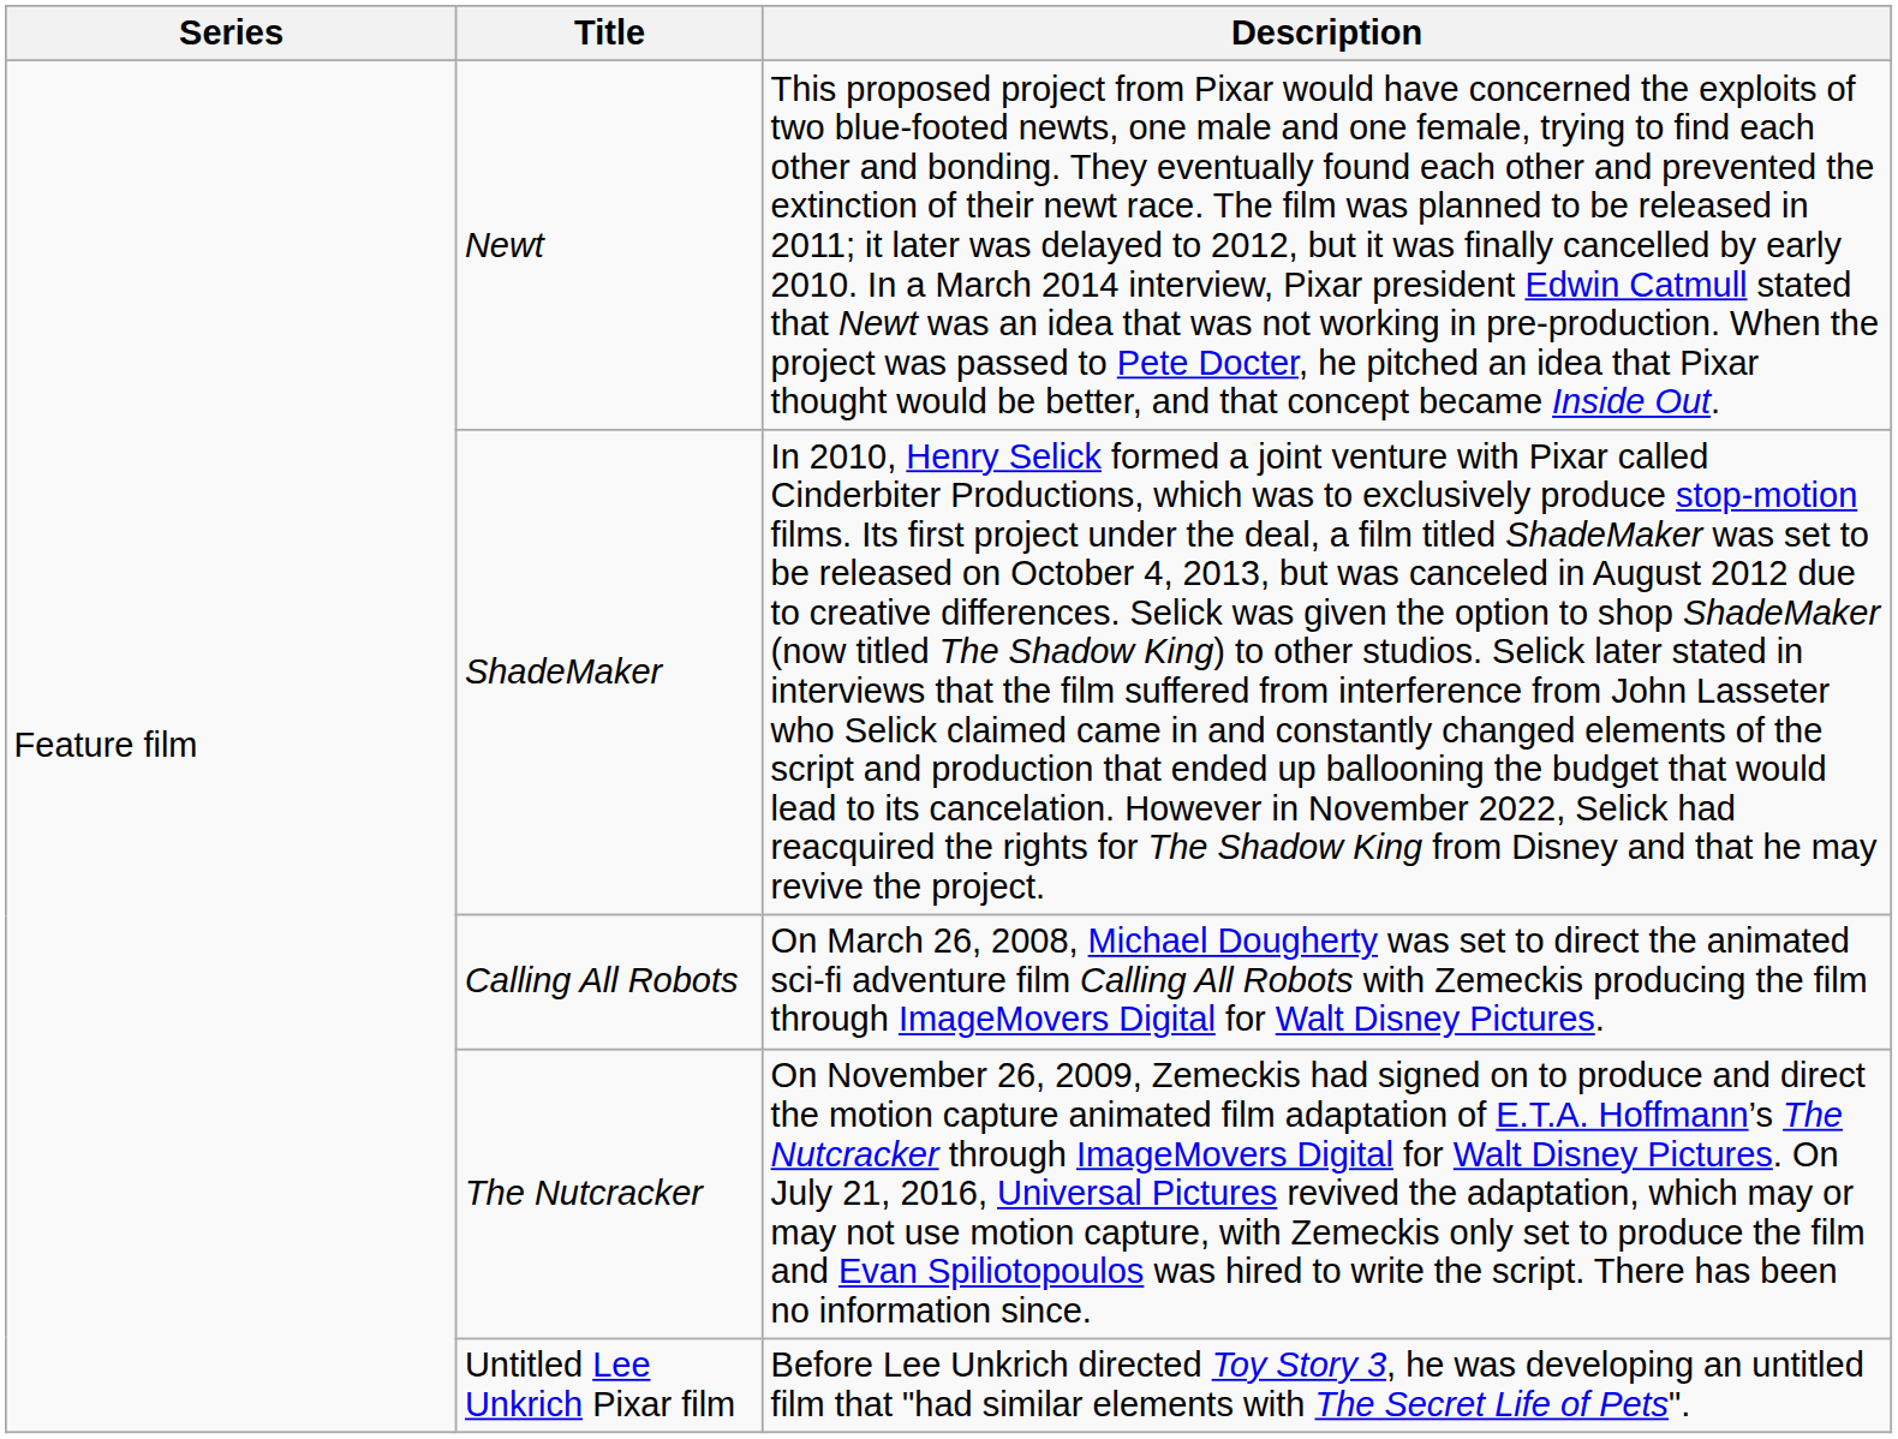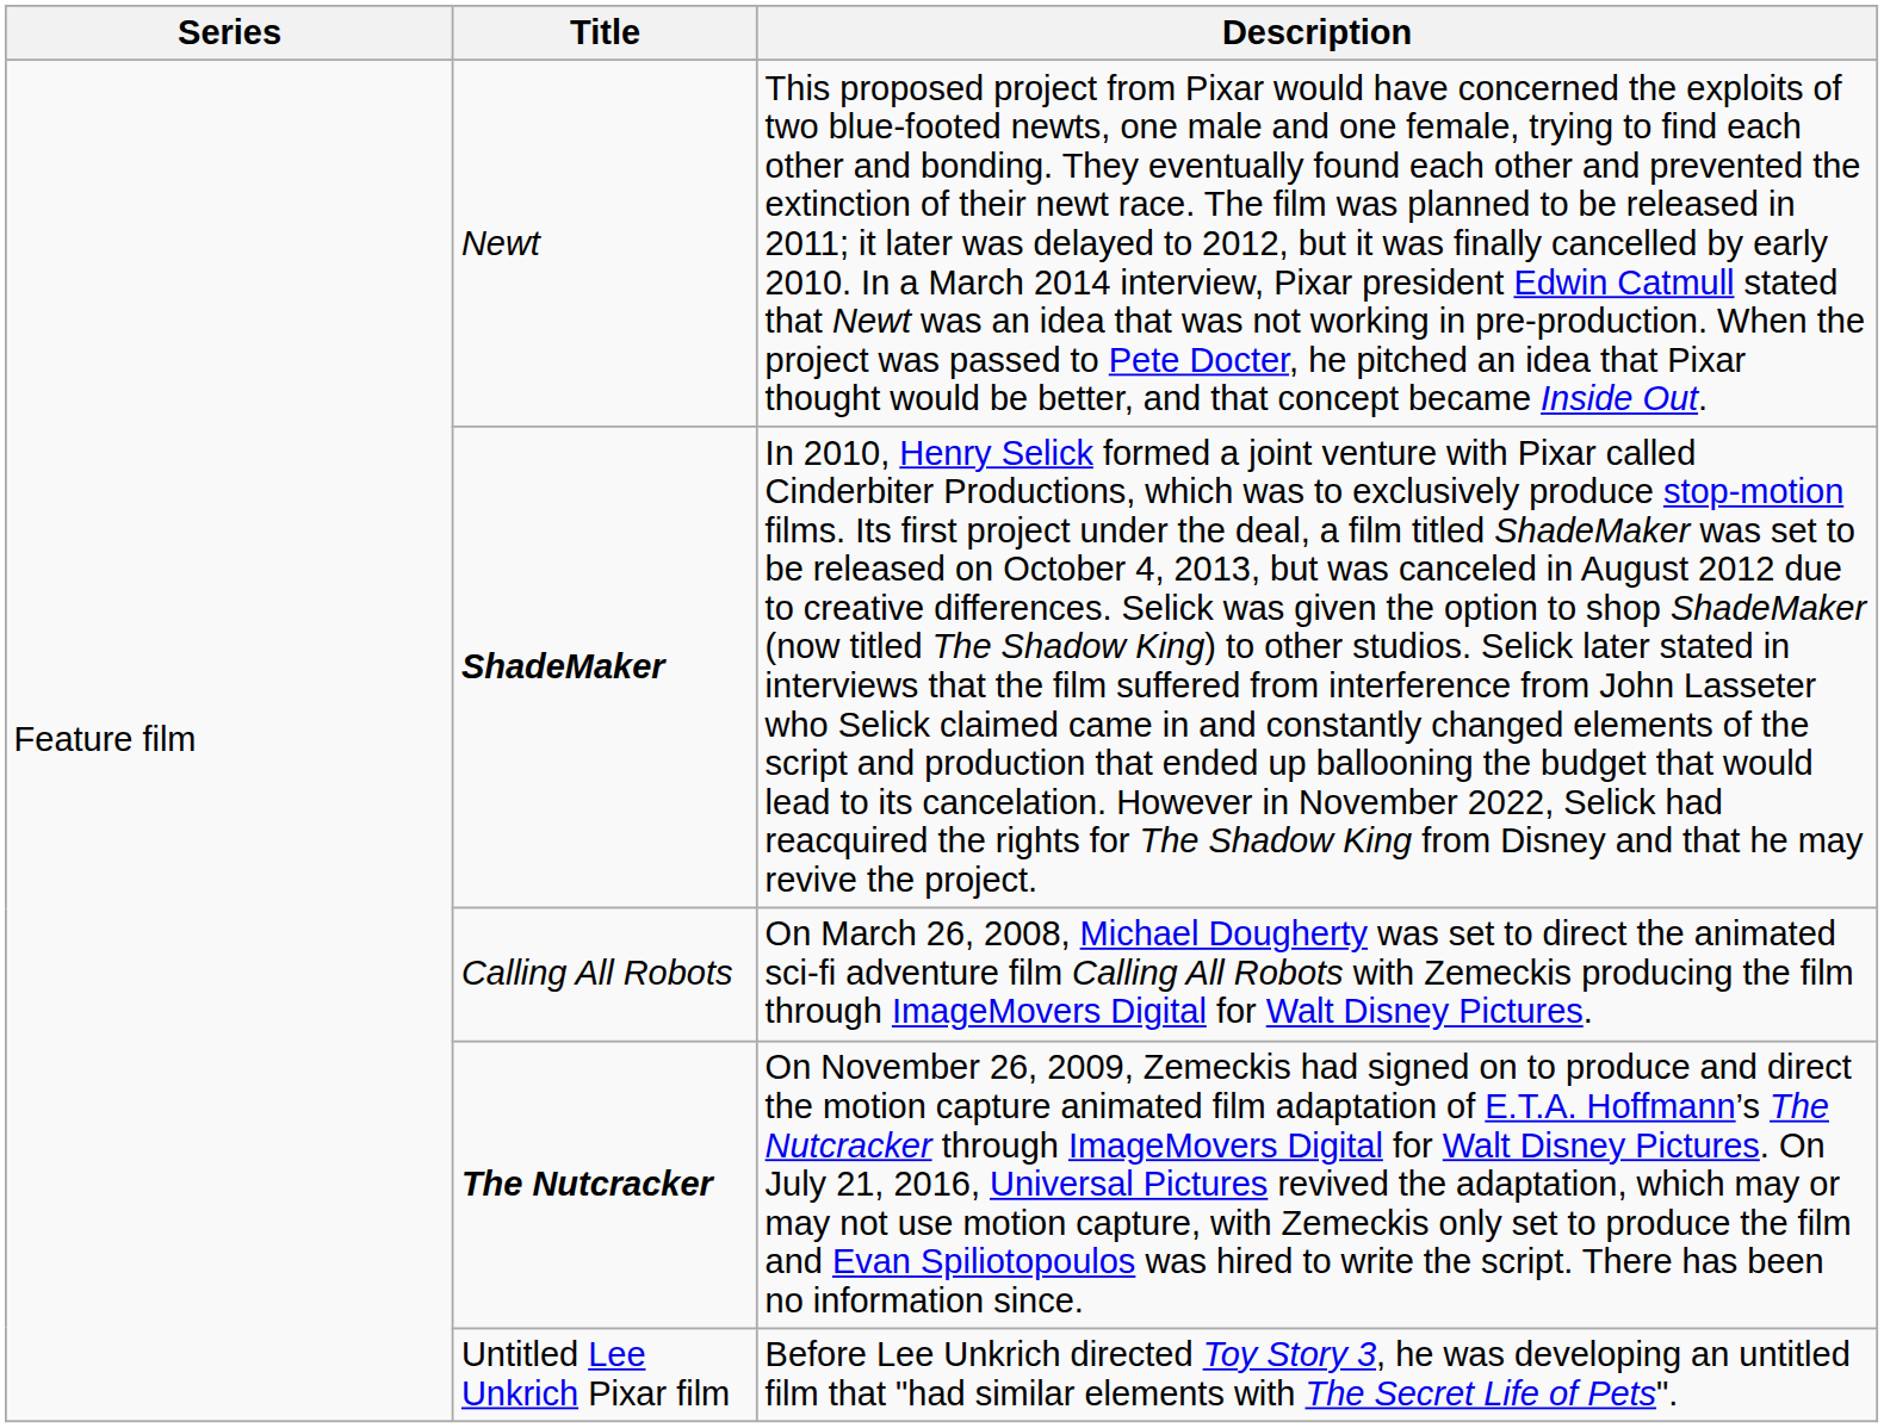 <table class="wikitable">
 <tr>
 <th style="width:150pt;">Series</th>
 <th style="width:100pt;">Title</th>
 <th>Description</th>
 </tr>
 <tr>
 <td rowspan="5">Feature film</td>
 <td><em>Newt</em></td>
 <td>This proposed project from Pixar would have concerned the exploits of two blue-footed newts, one male and one female, trying to find each other and bonding. They eventually found each other and prevented the extinction of their newt race. The film was planned to be released in 2011; it later was delayed to 2012, but it was finally cancelled by early 2010. In a March 2014 interview, Pixar president <a href='#'>Edwin Catmull</a> stated that <em>Newt</em> was an idea that was not working in pre-production. When the project was passed to <a href='#'>Pete Docter</a>, he pitched an idea that Pixar thought would be better, and that concept became <em><a href='#'>Inside Out</a></em>.</td>
 </tr>
 <tr>
-<td><em>ShadeMaker</em></td>
+<td><strong><em>ShadeMaker</em></strong></td>
 <td>In 2010, <a href='#'>Henry Selick</a> formed a joint venture with Pixar called Cinderbiter Productions, which was to exclusively produce <a href='#'>stop-motion</a> films. Its first project under the deal, a film titled <em>ShadeMaker</em> was set to be released on October 4, 2013, but was canceled in August 2012 due to creative differences. Selick was given the option to shop <em>ShadeMaker</em> (now titled <em>The Shadow King</em>) to other studios. Selick later stated in interviews that the film suffered from interference from John Lasseter who Selick claimed came in and constantly changed elements of the script and production that ended up ballooning the budget that would lead to its cancelation. However in November 2022, Selick had reacquired the rights for <em>The Shadow King</em> from Disney and that he may revive the project.</td>
 </tr>
 <tr>
 <td><em>Calling All Robots</em></td>
 <td>On March 26, 2008, <a href='#'>Michael Dougherty</a> was set to direct the animated sci-fi adventure film <em>Calling All Robots</em> with Zemeckis producing the film through <a href='#'>ImageMovers Digital</a> for <a href='#'>Walt Disney Pictures</a>.</td>
 </tr>
 <tr>
-<td><em>The Nutcracker</em></td>
+<td><strong><em>The Nutcracker</em></strong></td>
 <td>On November 26, 2009, Zemeckis had signed on to produce and direct the motion capture animated film adaptation of <a href='#'>E.T.A. Hoffmann</a>’s <em><a href='#'>The Nutcracker</a></em> through <a href='#'>ImageMovers Digital</a> for <a href='#'>Walt Disney Pictures</a>. On July 21, 2016, <a href='#'>Universal Pictures</a> revived the adaptation, which may or may not use motion capture, with Zemeckis only set to produce the film and <a href='#'>Evan Spiliotopoulos</a> was hired to write the script. There has been no information since.</td>
 </tr>
 <tr>
 <td>Untitled <a href='#'>Lee Unkrich</a> Pixar film</td>
 <td>Before Lee Unkrich directed <em><a href='#'>Toy Story 3</a></em>, he was developing an untitled film that "had similar elements with <em><a href='#'>The Secret Life of Pets</a></em>".</td>
 </tr>
 </table>
